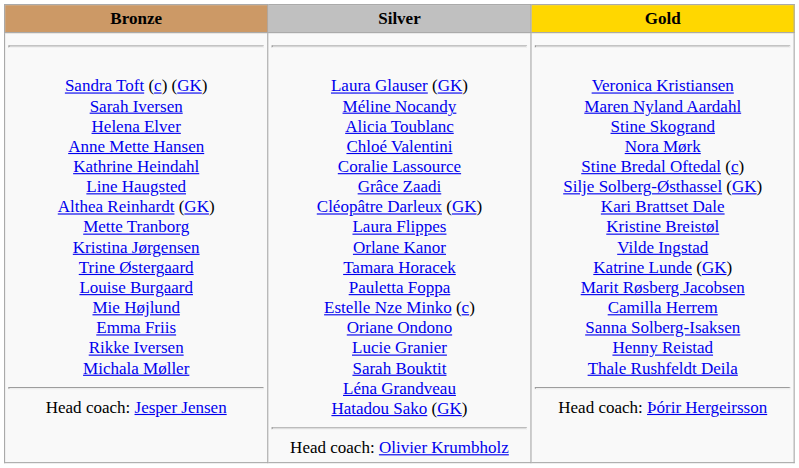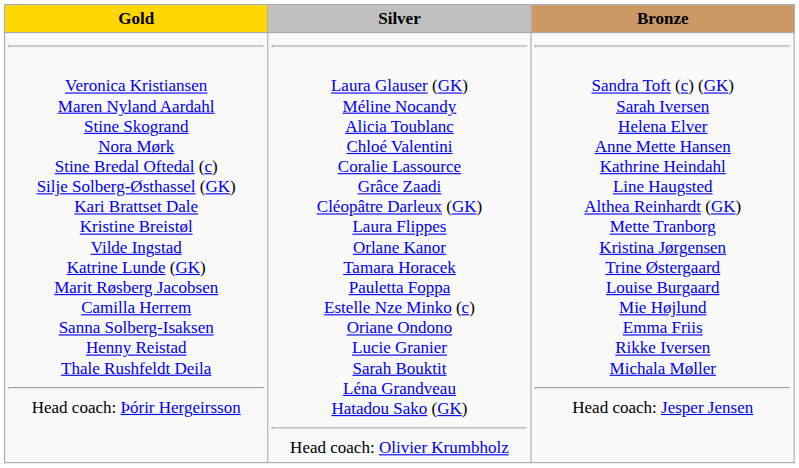 <table class="wikitable" style="text-align: center; font-size: 95%;">
 <tr>
+<td style="width: 15em; background: gold;"><strong>Gold</strong></td>
+<td style="width: 15em; background: silver;"><strong>Silver</strong></td>
 <td style="width: 15em; background: #CC9966;"><strong>Bronze</strong></td>
-<td style="width: 15em; background: silver;"><strong>Silver</strong></td>
-<td style="width: 15em; background: gold;"><strong>Gold</strong></td>
 </tr>
 <tr style="vertical-align: top;">
+<td><hr><br><a href='#'>Veronica Kristiansen</a><br><a href='#'>Maren Nyland Aardahl</a><br><a href='#'>Stine Skogrand</a><br><a href='#'>Nora Mørk</a><br><a href='#'>Stine Bredal Oftedal</a> (<a href='#'>c</a>)<br><a href='#'>Silje Solberg-Østhassel</a> (<a href='#'>GK</a>)<br><a href='#'>Kari Brattset Dale</a><br><a href='#'>Kristine Breistøl</a><br><a href='#'>Vilde Ingstad</a><br><a href='#'>Katrine Lunde</a> (<a href='#'>GK</a>)<br><a href='#'>Marit Røsberg Jacobsen</a><br><a href='#'>Camilla Herrem</a><br><a href='#'>Sanna Solberg-Isaksen</a><br><a href='#'>Henny Reistad</a><br><a href='#'>Thale Rushfeldt Deila</a> <hr>Head coach: <a href='#'>Þórir Hergeirsson</a></td>
+<td><hr><br><a href='#'>Laura Glauser</a> (<a href='#'>GK</a>)<br><a href='#'>Méline Nocandy</a><br><a href='#'>Alicia Toublanc</a><br><a href='#'>Chloé Valentini</a><br><a href='#'>Coralie Lassource</a><br><a href='#'>Grâce Zaadi</a><br><a href='#'>Cléopâtre Darleux</a> (<a href='#'>GK</a>)<br><a href='#'>Laura Flippes</a><br><a href='#'>Orlane Kanor</a><br><a href='#'>Tamara Horacek</a><br><a href='#'>Pauletta Foppa</a><br><a href='#'>Estelle Nze Minko</a> (<a href='#'>c</a>)<br><a href='#'>Oriane Ondono</a><br><a href='#'>Lucie Granier</a><br><a href='#'>Sarah Bouktit</a><br><a href='#'>Léna Grandveau</a><br><a href='#'>Hatadou Sako</a> (<a href='#'>GK</a>) <hr>Head coach: <a href='#'>Olivier Krumbholz</a></td>
 <td><hr><br><a href='#'>Sandra Toft</a> (<a href='#'>c</a>) (<a href='#'>GK</a>)<br><a href='#'>Sarah Iversen</a><br><a href='#'>Helena Elver</a><br><a href='#'>Anne Mette Hansen</a><br><a href='#'>Kathrine Heindahl</a><br><a href='#'>Line Haugsted</a><br><a href='#'>Althea Reinhardt</a> (<a href='#'>GK</a>)<br><a href='#'>Mette Tranborg</a><br><a href='#'>Kristina Jørgensen</a><br><a href='#'>Trine Østergaard</a><br><a href='#'>Louise Burgaard</a><br><a href='#'>Mie Højlund</a><br><a href='#'>Emma Friis</a><br><a href='#'>Rikke Iversen</a><br><a href='#'>Michala Møller</a> <hr>Head coach: <a href='#'>Jesper Jensen</a></td>
-<td><hr><br><a href='#'>Laura Glauser</a> (<a href='#'>GK</a>)<br><a href='#'>Méline Nocandy</a><br><a href='#'>Alicia Toublanc</a><br><a href='#'>Chloé Valentini</a><br><a href='#'>Coralie Lassource</a><br><a href='#'>Grâce Zaadi</a><br><a href='#'>Cléopâtre Darleux</a> (<a href='#'>GK</a>)<br><a href='#'>Laura Flippes</a><br><a href='#'>Orlane Kanor</a><br><a href='#'>Tamara Horacek</a><br><a href='#'>Pauletta Foppa</a><br><a href='#'>Estelle Nze Minko</a> (<a href='#'>c</a>)<br><a href='#'>Oriane Ondono</a><br><a href='#'>Lucie Granier</a><br><a href='#'>Sarah Bouktit</a><br><a href='#'>Léna Grandveau</a><br><a href='#'>Hatadou Sako</a> (<a href='#'>GK</a>) <hr>Head coach: <a href='#'>Olivier Krumbholz</a></td>
-<td><hr><br><a href='#'>Veronica Kristiansen</a><br><a href='#'>Maren Nyland Aardahl</a><br><a href='#'>Stine Skogrand</a><br><a href='#'>Nora Mørk</a><br><a href='#'>Stine Bredal Oftedal</a> (<a href='#'>c</a>)<br><a href='#'>Silje Solberg-Østhassel</a> (<a href='#'>GK</a>)<br><a href='#'>Kari Brattset Dale</a><br><a href='#'>Kristine Breistøl</a><br><a href='#'>Vilde Ingstad</a><br><a href='#'>Katrine Lunde</a> (<a href='#'>GK</a>)<br><a href='#'>Marit Røsberg Jacobsen</a><br><a href='#'>Camilla Herrem</a><br><a href='#'>Sanna Solberg-Isaksen</a><br><a href='#'>Henny Reistad</a><br><a href='#'>Thale Rushfeldt Deila</a> <hr>Head coach: <a href='#'>Þórir Hergeirsson</a></td>
 </tr>
 </table>
